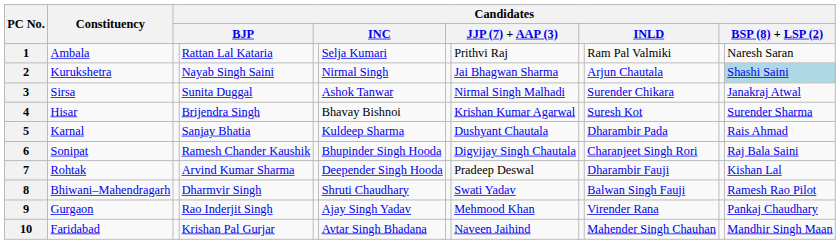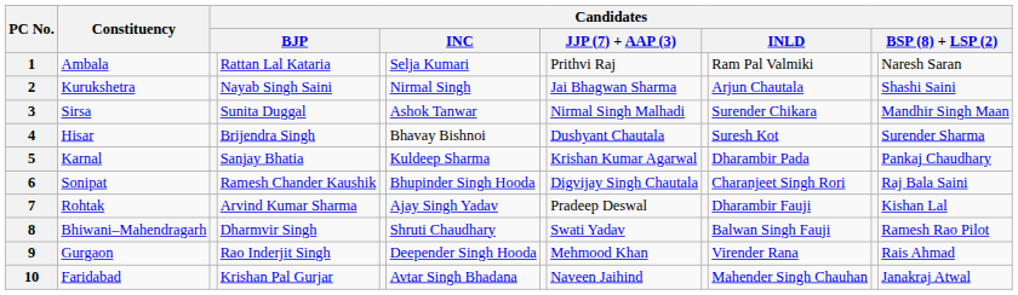 <table class="wikitable sortable">
 <tr>
 <th rowspan="2">PC No.</th>
 <th rowspan="2">Constituency</th>
 <th colspan="12">Candidates</th>
 </tr>
 <tr>
 <th colspan="2"><a href='#'>BJP</a></th>
 <th colspan="2"><a href='#'>INC</a></th>
 <th colspan="2"><a href='#'>JJP (7)</a> + <a href='#'>AAP (3)</a></th>
 <th colspan="2"><a href='#'>INLD</a></th>
 <th colspan="2"><a href='#'>BSP (8)</a> + <a href='#'>LSP (2)</a></th>
 </tr>
 <tr>
 <th>1</th>
 <td><a href='#'>Ambala</a></td>
 <td style="background:"></td>
 <td><a href='#'>Rattan Lal Kataria</a></td>
 <td style="background:"></td>
 <td><a href='#'>Selja Kumari</a></td>
 <td style="background:"></td>
 <td>Prithvi Raj</td>
 <td style="background:"></td>
 <td>Ram Pal Valmiki</td>
 <td style="background:"></td>
 <td>Naresh Saran</td>
 </tr>
 <tr>
 <th>2</th>
 <td><a href='#'>Kurukshetra</a></td>
 <td style="background:"></td>
 <td><a href='#'>Nayab Singh Saini</a></td>
 <td style="background:"></td>
 <td><a href='#'>Nirmal Singh</a></td>
 <td bgcolor=></td>
 <td><a href='#'>Jai Bhagwan Sharma</a></td>
 <td style="background:"></td>
 <td><a href='#'>Arjun Chautala</a></td>
 <td style="background:"></td>
-<td style="background: lightblue;"><a href='#'>Shashi Saini</a></td>
+<td><a href='#'>Shashi Saini</a></td>
 </tr>
 <tr>
 <th>3</th>
 <td><a href='#'>Sirsa</a></td>
 <td style="background:"></td>
 <td><a href='#'>Sunita Duggal</a></td>
 <td style="background:"></td>
 <td><a href='#'>Ashok Tanwar</a></td>
 <td bgcolor=></td>
 <td><a href='#'>Nirmal Singh Malhadi</a></td>
 <td style="background:"></td>
 <td><a href='#'>Surender Chikara</a></td>
 <td style="background:"></td>
-<td><a href='#'>Janakraj Atwal</a></td>
+<td><a href='#'>Mandhir Singh Maan</a></td>
 </tr>
 <tr>
 <th>4</th>
 <td><a href='#'>Hisar</a></td>
 <td style="background:"></td>
 <td><a href='#'>Brijendra Singh</a></td>
 <td style="background:"></td>
 <td>Bhavay Bishnoi</td>
 <td bgcolor=></td>
-<td><a href='#'>Krishan Kumar Agarwal</a></td>
+<td><a href='#'>Dushyant Chautala</a></td>
 <td style="background:"></td>
 <td><a href='#'>Suresh Kot</a></td>
 <td style="background:"></td>
 <td><a href='#'>Surender Sharma</a></td>
 </tr>
 <tr>
 <th>5</th>
 <td><a href='#'>Karnal</a></td>
 <td style="background:"></td>
 <td><a href='#'>Sanjay Bhatia</a></td>
 <td style="background:"></td>
 <td><a href='#'>Kuldeep Sharma</a></td>
 <td style="background:"></td>
-<td><a href='#'>Dushyant Chautala</a></td>
+<td><a href='#'>Krishan Kumar Agarwal</a></td>
 <td style="background:"></td>
 <td><a href='#'>Dharambir Pada</a></td>
 <td style="background:"></td>
-<td><a href='#'>Rais Ahmad</a></td>
+<td><a href='#'>Pankaj Chaudhary</a></td>
 </tr>
 <tr>
 <th>6</th>
 <td><a href='#'>Sonipat</a></td>
 <td style="background:"></td>
 <td><a href='#'>Ramesh Chander Kaushik</a></td>
 <td style="background:"></td>
 <td><a href='#'>Bhupinder Singh Hooda</a></td>
 <td bgcolor=></td>
 <td><a href='#'>Digvijay Singh Chautala</a></td>
 <td style="background:"></td>
 <td><a href='#'>Charanjeet Singh Rori</a></td>
 <td style="background:"></td>
 <td><a href='#'>Raj Bala Saini</a></td>
 </tr>
 <tr>
 <th>7</th>
 <td><a href='#'>Rohtak</a></td>
 <td style="background:"></td>
 <td><a href='#'>Arvind Kumar Sharma</a></td>
 <td style="background:"></td>
-<td><a href='#'>Deepender Singh Hooda</a></td>
+<td><a href='#'>Ajay Singh Yadav</a></td>
 <td bgcolor=></td>
 <td>Pradeep Deswal</td>
 <td style="background:"></td>
 <td><a href='#'>Dharambir Fauji</a></td>
 <td style="background:"></td>
 <td><a href='#'>Kishan Lal</a></td>
 </tr>
 <tr>
 <th>8</th>
 <td><a href='#'>Bhiwani–Mahendragarh</a></td>
 <td style="background:"></td>
 <td><a href='#'>Dharmvir Singh</a></td>
 <td style="background:"></td>
 <td><a href='#'>Shruti Chaudhary</a></td>
 <td bgcolor=></td>
 <td><a href='#'>Swati Yadav</a></td>
 <td style="background:"></td>
 <td><a href='#'>Balwan Singh Fauji</a></td>
 <td style="background:"></td>
 <td><a href='#'>Ramesh Rao Pilot</a></td>
 </tr>
 <tr>
 <th>9</th>
 <td><a href='#'>Gurgaon</a></td>
 <td style="background:"></td>
 <td><a href='#'>Rao Inderjit Singh</a></td>
 <td style="background:"></td>
-<td><a href='#'>Ajay Singh Yadav</a></td>
+<td><a href='#'>Deepender Singh Hooda</a></td>
 <td bgcolor=></td>
 <td><a href='#'>Mehmood Khan</a></td>
 <td style="background:"></td>
 <td><a href='#'>Virender Rana</a></td>
 <td style="background:"></td>
-<td><a href='#'>Pankaj Chaudhary</a></td>
+<td><a href='#'>Rais Ahmad</a></td>
 </tr>
 <tr>
 <th>10</th>
 <td><a href='#'>Faridabad</a></td>
 <td style="background:"></td>
 <td><a href='#'>Krishan Pal Gurjar</a></td>
 <td style="background:"></td>
 <td><a href='#'>Avtar Singh Bhadana</a></td>
 <td style="background:"></td>
 <td><a href='#'>Naveen Jaihind</a></td>
 <td style="background:"></td>
 <td><a href='#'>Mahender Singh Chauhan</a></td>
 <td style="background:"></td>
-<td><a href='#'>Mandhir Singh Maan</a></td>
+<td><a href='#'>Janakraj Atwal</a></td>
 </tr>
 </table>
